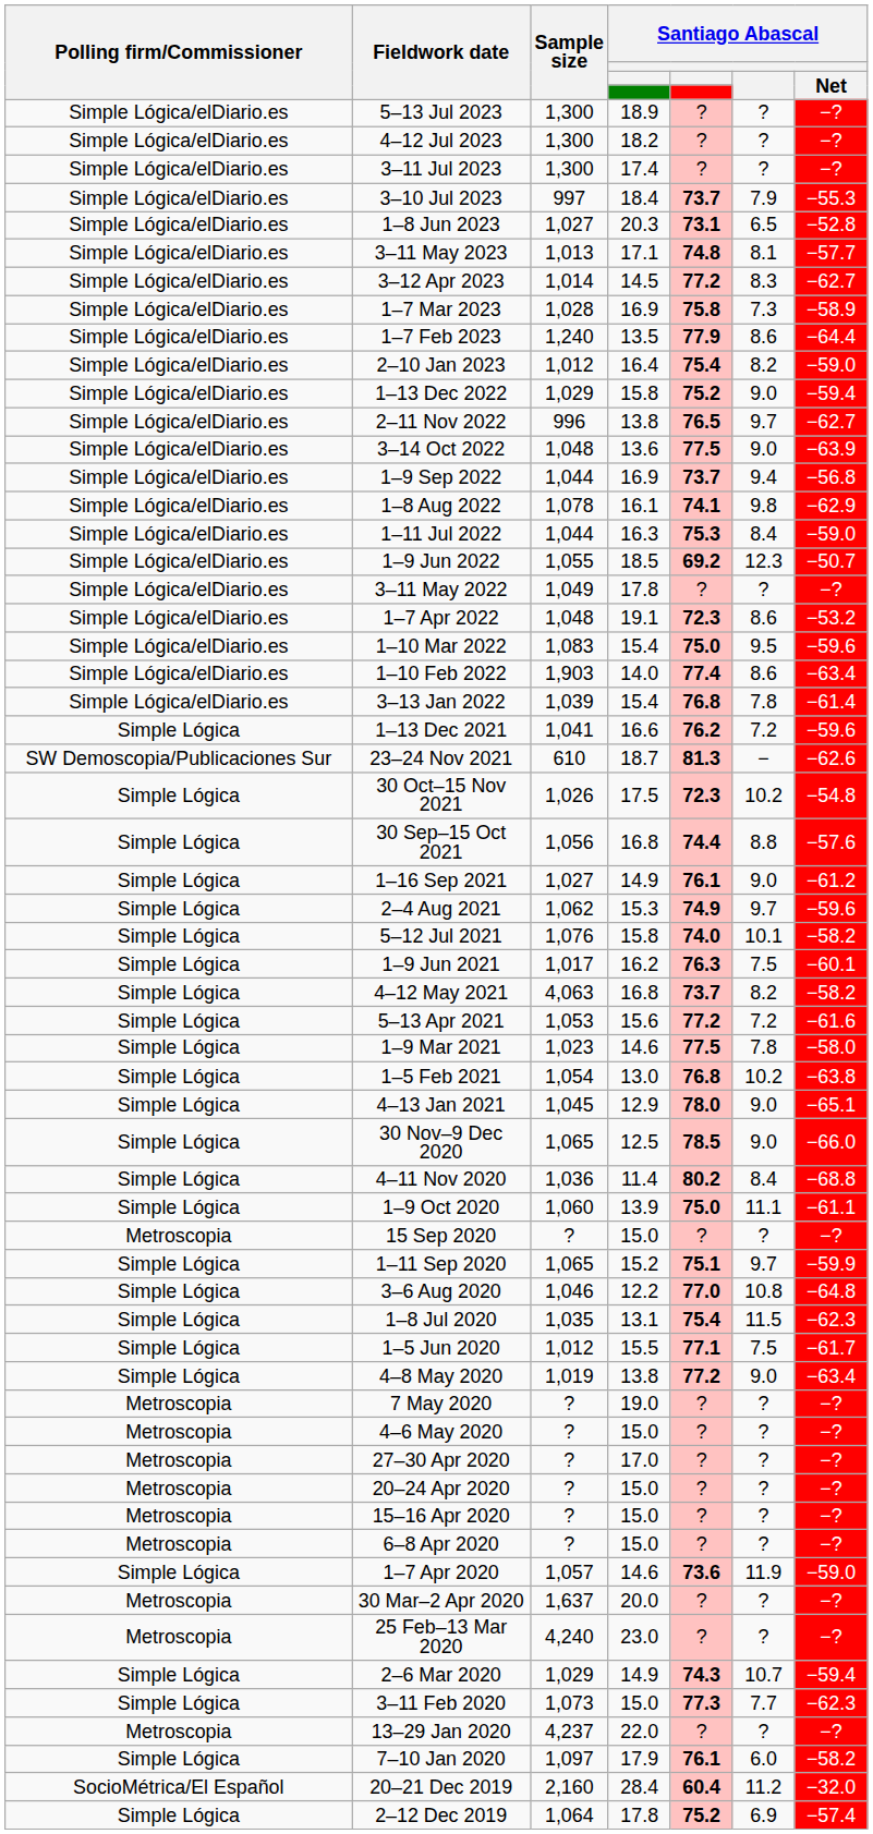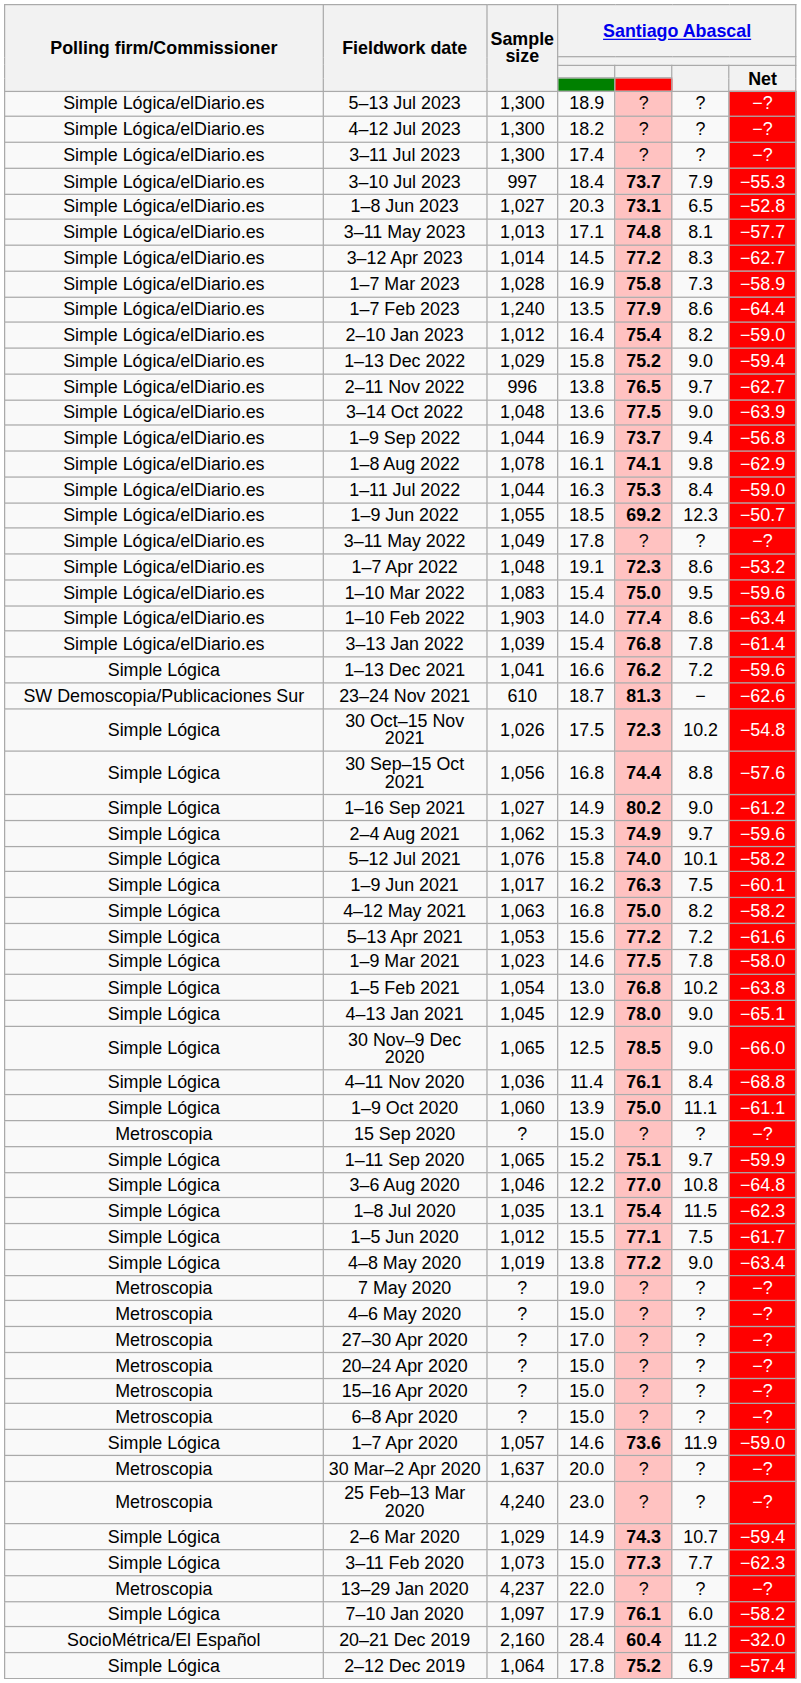 <table class="wikitable collapsible collapsed" style="text-align:center; font-size:90%; line-height:14px;">
 <tr style="height:42px;">
 <th style="width:250px;" rowspan="4">Polling firm/Commissioner</th>
 <th style="width:125px;" rowspan="4">Fieldwork date</th>
 <th style="width:50px;" rowspan="4">Sample size</th>
 <th style="width:185px;" colspan="4"><a href='#'>Santiago Abascal</a><br></th>
 </tr>
 <tr>
 <th colspan="4" style="background:"></th>
 </tr>
 <tr>
 <th style="width:30px;"></th>
 <th style="width:30px;"></th>
 <th style="width:30px;" rowspan="2"></th>
 <th style="width:30px;" rowspan="2">Net</th>
 </tr>
 <tr>
 <th style="color:inherit;background:#008000;"></th>
 <th style="color:inherit;background:#FF0000;"></th>
 </tr>
 <tr>
 <td>Simple Lógica/elDiario.es</td>
 <td>5–13 Jul 2023</td>
 <td>1,300</td>
 <td>18.9</td>
 <td style="background:#FFC2C1;">?</td>
 <td>?</td>
 <td style="background:#FF0000; color:white;">−?</td>
 </tr>
 <tr>
 <td>Simple Lógica/elDiario.es</td>
 <td>4–12 Jul 2023</td>
 <td>1,300</td>
 <td>18.2</td>
 <td style="background:#FFC2C1;">?</td>
 <td>?</td>
 <td style="background:#FF0000; color:white;">−?</td>
 </tr>
 <tr>
 <td>Simple Lógica/elDiario.es</td>
 <td>3–11 Jul 2023</td>
 <td>1,300</td>
 <td>17.4</td>
 <td style="background:#FFC2C1;">?</td>
 <td>?</td>
 <td style="background:#FF0000; color:white;">−?</td>
 </tr>
 <tr>
 <td>Simple Lógica/elDiario.es</td>
 <td>3–10 Jul 2023</td>
 <td>997</td>
 <td>18.4</td>
 <td style="background:#FFC2C1;"><strong>73.7</strong></td>
 <td>7.9</td>
 <td style="background:#FF0000; color:white;">−55.3</td>
 </tr>
 <tr>
 <td>Simple Lógica/elDiario.es</td>
 <td>1–8 Jun 2023</td>
 <td>1,027</td>
 <td>20.3</td>
 <td style="background:#FFC2C1;"><strong>73.1</strong></td>
 <td>6.5</td>
 <td style="background:#FF0000; color:white;">−52.8</td>
 </tr>
 <tr>
 <td>Simple Lógica/elDiario.es</td>
 <td>3–11 May 2023</td>
 <td>1,013</td>
 <td>17.1</td>
 <td style="background:#FFC2C1;"><strong>74.8</strong></td>
 <td>8.1</td>
 <td style="background:#FF0000; color:white;">−57.7</td>
 </tr>
 <tr>
 <td>Simple Lógica/elDiario.es</td>
 <td>3–12 Apr 2023</td>
 <td>1,014</td>
 <td>14.5</td>
 <td style="background:#FFC2C1;"><strong>77.2</strong></td>
 <td>8.3</td>
 <td style="background:#FF0000; color:white;">−62.7</td>
 </tr>
 <tr>
 <td>Simple Lógica/elDiario.es</td>
 <td>1–7 Mar 2023</td>
 <td>1,028</td>
 <td>16.9</td>
 <td style="background:#FFC2C1;"><strong>75.8</strong></td>
 <td>7.3</td>
 <td style="background:#FF0000; color:white;">−58.9</td>
 </tr>
 <tr>
 <td>Simple Lógica/elDiario.es</td>
 <td>1–7 Feb 2023</td>
 <td>1,240</td>
 <td>13.5</td>
 <td style="background:#FFC2C1;"><strong>77.9</strong></td>
 <td>8.6</td>
 <td style="background:#FF0000; color:white;">−64.4</td>
 </tr>
 <tr>
 <td>Simple Lógica/elDiario.es</td>
 <td>2–10 Jan 2023</td>
 <td>1,012</td>
 <td>16.4</td>
 <td style="background:#FFC2C1;"><strong>75.4</strong></td>
 <td>8.2</td>
 <td style="background:#FF0000; color:white;">−59.0</td>
 </tr>
 <tr>
 <td>Simple Lógica/elDiario.es</td>
 <td>1–13 Dec 2022</td>
 <td>1,029</td>
 <td>15.8</td>
 <td style="background:#FFC2C1;"><strong>75.2</strong></td>
 <td>9.0</td>
 <td style="background:#FF0000; color:white;">−59.4</td>
 </tr>
 <tr>
 <td>Simple Lógica/elDiario.es</td>
 <td>2–11 Nov 2022</td>
 <td>996</td>
 <td>13.8</td>
 <td style="background:#FFC2C1;"><strong>76.5</strong></td>
 <td>9.7</td>
 <td style="background:#FF0000; color:white;">−62.7</td>
 </tr>
 <tr>
 <td>Simple Lógica/elDiario.es</td>
 <td>3–14 Oct 2022</td>
 <td>1,048</td>
 <td>13.6</td>
 <td style="background:#FFC2C1;"><strong>77.5</strong></td>
 <td>9.0</td>
 <td style="background:#FF0000; color:white;">−63.9</td>
 </tr>
 <tr>
 <td>Simple Lógica/elDiario.es</td>
 <td>1–9 Sep 2022</td>
 <td>1,044</td>
 <td>16.9</td>
 <td style="background:#FFC2C1;"><strong>73.7</strong></td>
 <td>9.4</td>
 <td style="background:#FF0000; color:white;">−56.8</td>
 </tr>
 <tr>
 <td>Simple Lógica/elDiario.es</td>
 <td>1–8 Aug 2022</td>
 <td>1,078</td>
 <td>16.1</td>
 <td style="background:#FFC2C1;"><strong>74.1</strong></td>
 <td>9.8</td>
 <td style="background:#FF0000; color:white;">−62.9</td>
 </tr>
 <tr>
 <td>Simple Lógica/elDiario.es</td>
 <td>1–11 Jul 2022</td>
 <td>1,044</td>
 <td>16.3</td>
 <td style="background:#FFC2C1;"><strong>75.3</strong></td>
 <td>8.4</td>
 <td style="background:#FF0000; color:white;">−59.0</td>
 </tr>
 <tr>
 <td>Simple Lógica/elDiario.es</td>
 <td>1–9 Jun 2022</td>
 <td>1,055</td>
 <td>18.5</td>
 <td style="background:#FFC2C1;"><strong>69.2</strong></td>
 <td>12.3</td>
 <td style="background:#FF0000; color:white;">−50.7</td>
 </tr>
 <tr>
 <td>Simple Lógica/elDiario.es</td>
 <td>3–11 May 2022</td>
 <td>1,049</td>
 <td>17.8</td>
 <td style="background:#FFC2C1;">?</td>
 <td>?</td>
 <td style="background:#FF0000; color:white;">−?</td>
 </tr>
 <tr>
 <td>Simple Lógica/elDiario.es</td>
 <td>1–7 Apr 2022</td>
 <td>1,048</td>
 <td>19.1</td>
 <td style="background:#FFC2C1;"><strong>72.3</strong></td>
 <td>8.6</td>
 <td style="background:#FF0000; color:white;">−53.2</td>
 </tr>
 <tr>
 <td>Simple Lógica/elDiario.es</td>
 <td>1–10 Mar 2022</td>
 <td>1,083</td>
 <td>15.4</td>
 <td style="background:#FFC2C1;"><strong>75.0</strong></td>
 <td>9.5</td>
 <td style="background:#FF0000; color:white;">−59.6</td>
 </tr>
 <tr>
 <td>Simple Lógica/elDiario.es</td>
 <td>1–10 Feb 2022</td>
 <td>1,903</td>
 <td>14.0</td>
 <td style="background:#FFC2C1;"><strong>77.4</strong></td>
 <td>8.6</td>
 <td style="background:#FF0000; color:white;">−63.4</td>
 </tr>
 <tr>
 <td>Simple Lógica/elDiario.es</td>
 <td>3–13 Jan 2022</td>
 <td>1,039</td>
 <td>15.4</td>
 <td style="background:#FFC2C1;"><strong>76.8</strong></td>
 <td>7.8</td>
 <td style="background:#FF0000; color:white;">−61.4</td>
 </tr>
 <tr>
 <td>Simple Lógica</td>
 <td>1–13 Dec 2021</td>
 <td>1,041</td>
 <td>16.6</td>
 <td style="background:#FFC2C1;"><strong>76.2</strong></td>
 <td>7.2</td>
 <td style="background:#FF0000; color:white;">−59.6</td>
 </tr>
 <tr>
 <td>SW Demoscopia/Publicaciones Sur</td>
 <td>23–24 Nov 2021</td>
 <td>610</td>
 <td>18.7</td>
 <td style="background:#FFC2C1;"><strong>81.3</strong></td>
 <td>−</td>
 <td style="background:#FF0000; color:white;">−62.6</td>
 </tr>
 <tr>
 <td>Simple Lógica</td>
 <td>30 Oct–15 Nov 2021</td>
 <td>1,026</td>
 <td>17.5</td>
 <td style="background:#FFC2C1;"><strong>72.3</strong></td>
 <td>10.2</td>
 <td style="background:#FF0000; color:white;">−54.8</td>
 </tr>
 <tr>
 <td>Simple Lógica</td>
 <td>30 Sep–15 Oct 2021</td>
 <td>1,056</td>
 <td>16.8</td>
 <td style="background:#FFC2C1;"><strong>74.4</strong></td>
 <td>8.8</td>
 <td style="background:#FF0000; color:white;">−57.6</td>
 </tr>
 <tr>
 <td>Simple Lógica</td>
 <td>1–16 Sep 2021</td>
 <td>1,027</td>
 <td>14.9</td>
-<td style="background:#FFC2C1;"><strong>76.1</strong></td>
+<td style="background:#FFC2C1;"><strong>80.2</strong></td>
 <td>9.0</td>
 <td style="background:#FF0000; color:white;">−61.2</td>
 </tr>
 <tr>
 <td>Simple Lógica</td>
 <td>2–4 Aug 2021</td>
 <td>1,062</td>
 <td>15.3</td>
 <td style="background:#FFC2C1;"><strong>74.9</strong></td>
 <td>9.7</td>
 <td style="background:#FF0000; color:white;">−59.6</td>
 </tr>
 <tr>
 <td>Simple Lógica</td>
 <td>5–12 Jul 2021</td>
 <td>1,076</td>
 <td>15.8</td>
 <td style="background:#FFC2C1;"><strong>74.0</strong></td>
 <td>10.1</td>
 <td style="background:#FF0000; color:white;">−58.2</td>
 </tr>
 <tr>
 <td>Simple Lógica</td>
 <td>1–9 Jun 2021</td>
 <td>1,017</td>
 <td>16.2</td>
 <td style="background:#FFC2C1;"><strong>76.3</strong></td>
 <td>7.5</td>
 <td style="background:#FF0000; color:white;">−60.1</td>
 </tr>
 <tr>
 <td>Simple Lógica</td>
 <td>4–12 May 2021</td>
-<td>4,063</td>
+<td>1,063</td>
 <td>16.8</td>
-<td style="background:#FFC2C1;"><strong>73.7</strong></td>
+<td style="background:#FFC2C1;"><strong>75.0</strong></td>
 <td>8.2</td>
 <td style="background:#FF0000; color:white;">−58.2</td>
 </tr>
 <tr>
 <td>Simple Lógica</td>
 <td>5–13 Apr 2021</td>
 <td>1,053</td>
 <td>15.6</td>
 <td style="background:#FFC2C1;"><strong>77.2</strong></td>
 <td>7.2</td>
 <td style="background:#FF0000; color:white;">−61.6</td>
 </tr>
 <tr>
 <td>Simple Lógica</td>
 <td>1–9 Mar 2021</td>
 <td>1,023</td>
 <td>14.6</td>
 <td style="background:#FFC2C1;"><strong>77.5</strong></td>
 <td>7.8</td>
 <td style="background:#FF0000; color:white;">−58.0</td>
 </tr>
 <tr>
 <td>Simple Lógica</td>
 <td>1–5 Feb 2021</td>
 <td>1,054</td>
 <td>13.0</td>
 <td style="background:#FFC2C1;"><strong>76.8</strong></td>
 <td>10.2</td>
 <td style="background:#FF0000; color:white;">−63.8</td>
 </tr>
 <tr>
 <td>Simple Lógica</td>
 <td>4–13 Jan 2021</td>
 <td>1,045</td>
 <td>12.9</td>
 <td style="background:#FFC2C1;"><strong>78.0</strong></td>
 <td>9.0</td>
 <td style="background:#FF0000; color:white;">−65.1</td>
 </tr>
 <tr>
 <td>Simple Lógica</td>
 <td>30 Nov–9 Dec 2020</td>
 <td>1,065</td>
 <td>12.5</td>
 <td style="background:#FFC2C1;"><strong>78.5</strong></td>
 <td>9.0</td>
 <td style="background:#FF0000; color:white;">−66.0</td>
 </tr>
 <tr>
 <td>Simple Lógica</td>
 <td>4–11 Nov 2020</td>
 <td>1,036</td>
 <td>11.4</td>
-<td style="background:#FFC2C1;"><strong>80.2</strong></td>
+<td style="background:#FFC2C1;"><strong>76.1</strong></td>
 <td>8.4</td>
 <td style="background:#FF0000; color:white;">−68.8</td>
 </tr>
 <tr>
 <td>Simple Lógica</td>
 <td>1–9 Oct 2020</td>
 <td>1,060</td>
 <td>13.9</td>
 <td style="background:#FFC2C1;"><strong>75.0</strong></td>
 <td>11.1</td>
 <td style="background:#FF0000; color:white;">−61.1</td>
 </tr>
 <tr>
 <td>Metroscopia</td>
 <td>15 Sep 2020</td>
 <td>?</td>
 <td>15.0</td>
 <td style="background:#FFC2C1;">?</td>
 <td>?</td>
 <td style="background:#FF0000; color:white;">−?</td>
 </tr>
 <tr>
 <td>Simple Lógica</td>
 <td>1–11 Sep 2020</td>
 <td>1,065</td>
 <td>15.2</td>
 <td style="background:#FFC2C1;"><strong>75.1</strong></td>
 <td>9.7</td>
 <td style="background:#FF0000; color:white;">−59.9</td>
 </tr>
 <tr>
 <td>Simple Lógica</td>
 <td>3–6 Aug 2020</td>
 <td>1,046</td>
 <td>12.2</td>
 <td style="background:#FFC2C1;"><strong>77.0</strong></td>
 <td>10.8</td>
 <td style="background:#FF0000; color:white;">−64.8</td>
 </tr>
 <tr>
 <td>Simple Lógica</td>
 <td>1–8 Jul 2020</td>
 <td>1,035</td>
 <td>13.1</td>
 <td style="background:#FFC2C1;"><strong>75.4</strong></td>
 <td>11.5</td>
 <td style="background:#FF0000; color:white;">−62.3</td>
 </tr>
 <tr>
 <td>Simple Lógica</td>
 <td>1–5 Jun 2020</td>
 <td>1,012</td>
 <td>15.5</td>
 <td style="background:#FFC2C1;"><strong>77.1</strong></td>
 <td>7.5</td>
 <td style="background:#FF0000; color:white;">−61.7</td>
 </tr>
 <tr>
 <td>Simple Lógica</td>
 <td>4–8 May 2020</td>
 <td>1,019</td>
 <td>13.8</td>
 <td style="background:#FFC2C1;"><strong>77.2</strong></td>
 <td>9.0</td>
 <td style="background:#FF0000; color:white;">−63.4</td>
 </tr>
 <tr>
 <td>Metroscopia</td>
 <td>7 May 2020</td>
 <td>?</td>
 <td>19.0</td>
 <td style="background:#FFC2C1;">?</td>
 <td>?</td>
 <td style="background:#FF0000; color:white;">−?</td>
 </tr>
 <tr>
 <td>Metroscopia</td>
 <td>4–6 May 2020</td>
 <td>?</td>
 <td>15.0</td>
 <td style="background:#FFC2C1;">?</td>
 <td>?</td>
 <td style="background:#FF0000; color:white;">−?</td>
 </tr>
 <tr>
 <td>Metroscopia</td>
 <td>27–30 Apr 2020</td>
 <td>?</td>
 <td>17.0</td>
 <td style="background:#FFC2C1;">?</td>
 <td>?</td>
 <td style="background:#FF0000; color:white;">−?</td>
 </tr>
 <tr>
 <td>Metroscopia</td>
 <td>20–24 Apr 2020</td>
 <td>?</td>
 <td>15.0</td>
 <td style="background:#FFC2C1;">?</td>
 <td>?</td>
 <td style="background:#FF0000; color:white;">−?</td>
 </tr>
 <tr>
 <td>Metroscopia</td>
 <td>15–16 Apr 2020</td>
 <td>?</td>
 <td>15.0</td>
 <td style="background:#FFC2C1;">?</td>
 <td>?</td>
 <td style="background:#FF0000; color:white;">−?</td>
 </tr>
 <tr>
 <td>Metroscopia</td>
 <td>6–8 Apr 2020</td>
 <td>?</td>
 <td>15.0</td>
 <td style="background:#FFC2C1;">?</td>
 <td>?</td>
 <td style="background:#FF0000; color:white;">−?</td>
 </tr>
 <tr>
 <td>Simple Lógica</td>
 <td>1–7 Apr 2020</td>
 <td>1,057</td>
 <td>14.6</td>
 <td style="background:#FFC2C1;"><strong>73.6</strong></td>
 <td>11.9</td>
 <td style="background:#FF0000; color:white;">−59.0</td>
 </tr>
 <tr>
 <td>Metroscopia</td>
 <td>30 Mar–2 Apr 2020</td>
 <td>1,637</td>
 <td>20.0</td>
 <td style="background:#FFC2C1;">?</td>
 <td>?</td>
 <td style="background:#FF0000; color:white;">−?</td>
 </tr>
 <tr>
 <td>Metroscopia</td>
 <td>25 Feb–13 Mar 2020</td>
 <td>4,240</td>
 <td>23.0</td>
 <td style="background:#FFC2C1;">?</td>
 <td>?</td>
 <td style="background:#FF0000; color:white;">−?</td>
 </tr>
 <tr>
 <td>Simple Lógica</td>
 <td>2–6 Mar 2020</td>
 <td>1,029</td>
 <td>14.9</td>
 <td style="background:#FFC2C1;"><strong>74.3</strong></td>
 <td>10.7</td>
 <td style="background:#FF0000; color:white;">−59.4</td>
 </tr>
 <tr>
 <td>Simple Lógica</td>
 <td>3–11 Feb 2020</td>
 <td>1,073</td>
 <td>15.0</td>
 <td style="background:#FFC2C1;"><strong>77.3</strong></td>
 <td>7.7</td>
 <td style="background:#FF0000; color:white;">−62.3</td>
 </tr>
 <tr>
 <td>Metroscopia</td>
 <td>13–29 Jan 2020</td>
 <td>4,237</td>
 <td>22.0</td>
 <td style="background:#FFC2C1;">?</td>
 <td>?</td>
 <td style="background:#FF0000; color:white;">−?</td>
 </tr>
 <tr>
 <td>Simple Lógica</td>
 <td>7–10 Jan 2020</td>
 <td>1,097</td>
 <td>17.9</td>
 <td style="background:#FFC2C1;"><strong>76.1</strong></td>
 <td>6.0</td>
 <td style="background:#FF0000; color:white;">−58.2</td>
 </tr>
 <tr>
 <td>SocioMétrica/El Español</td>
 <td>20–21 Dec 2019</td>
 <td>2,160</td>
 <td>28.4</td>
 <td style="background:#FFC2C1;"><strong>60.4</strong></td>
 <td>11.2</td>
 <td style="background:#FF0000; color:white;">−32.0</td>
 </tr>
 <tr>
 <td>Simple Lógica</td>
 <td>2–12 Dec 2019</td>
 <td>1,064</td>
 <td>17.8</td>
 <td style="background:#FFC2C1;"><strong>75.2</strong></td>
 <td>6.9</td>
 <td style="background:#FF0000; color:white;">−57.4</td>
 </tr>
 </table>
